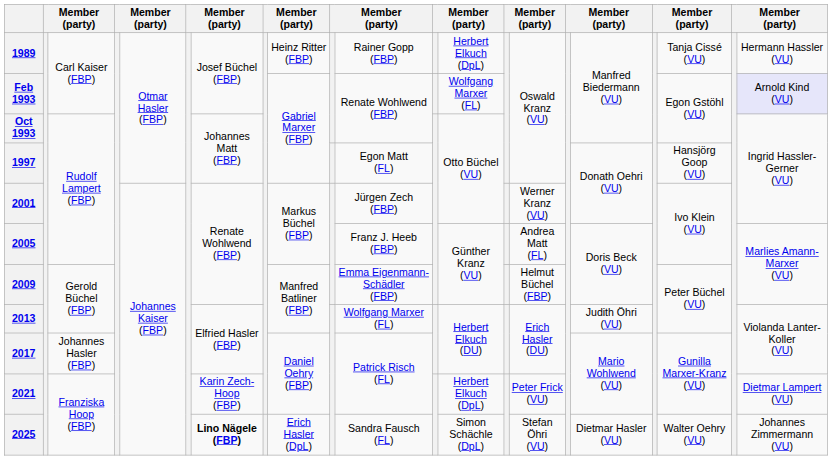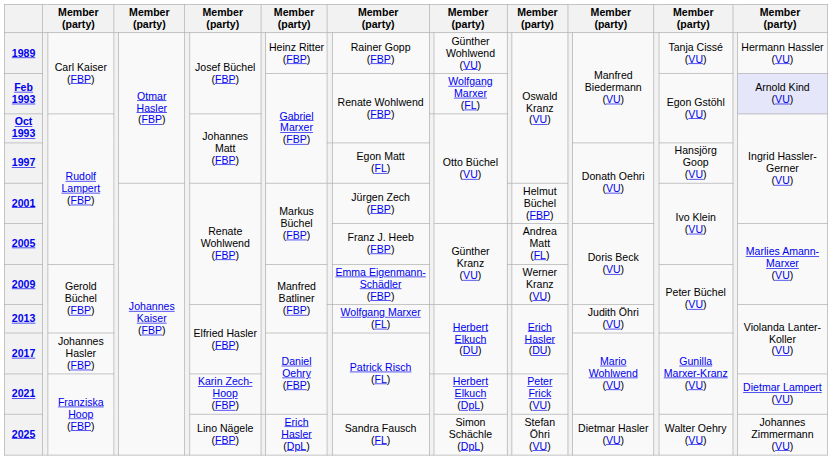 <table class="wikitable" style="text-align:center">
 <tr>
 <th></th>
 <th colspan=2>Member<br>(party)</th>
 <th colspan=2>Member<br>(party)</th>
 <th colspan=2>Member<br>(party)</th>
 <th colspan=2>Member<br>(party)</th>
 <th colspan=2>Member<br>(party)</th>
 <th colspan=2>Member<br>(party)</th>
 <th colspan=2>Member<br>(party)</th>
 <th colspan=2>Member<br>(party)</th>
 <th colspan=2>Member<br>(party)</th>
 <th colspan=2>Member<br>(party)</th>
 </tr>
 <tr>
 <th><a href='#'>1989</a></th>
 <th rowspan=11 style="background-color: "></th>
 <td rowspan=2>Carl Kaiser<br>(<a href='#'>FBP</a>)</td>
 <th rowspan=11 style="background-color: "></th>
 <td rowspan=4><a href='#'>Otmar Hasler</a><br>(<a href='#'>FBP</a>)</td>
 <th rowspan=11 style="background-color: "></th>
 <td rowspan=2>Josef Büchel<br>(<a href='#'>FBP</a>)</td>
 <th rowspan=10 style="background-color: "></th>
 <td rowspan=1>Heinz Ritter<br>(<a href='#'>FBP</a>)</td>
 <th rowspan=3 style="background-color: "></th>
 <td rowspan=1>Rainer Gopp<br>(<a href='#'>FBP</a>)</td>
 <th rowspan=1 style="background-color: "></th>
-<td rowspan=1><a href='#'>Herbert Elkuch</a><br>(<a href='#'>DpL</a>)</td>
+<td rowspan=1>Günther Wohlwend<br>(<a href='#'>VU</a>)</td>
 <th rowspan=4 style="background-color: "></th>
 <td rowspan=4>Oswald Kranz<br>(<a href='#'>VU</a>)</td>
 <th rowspan=11 style="background-color: "></th>
 <td rowspan=3>Manfred Biedermann<br>(<a href='#'>VU</a>)</td>
 <th rowspan=11 style="background-color: "></th>
 <td rowspan=1>Tanja Cissé<br>(<a href='#'>VU</a>)</td>
 <th rowspan=11 style="background-color: "></th>
 <td rowspan=1>Hermann Hassler<br>(<a href='#'>VU</a>)</td>
 </tr>
 <tr>
 <th><a href='#'>Feb 1993</a></th>
 <td rowspan=3><a href='#'>Gabriel Marxer</a><br>(<a href='#'>FBP</a>)</td>
 <td rowspan=2>Renate Wohlwend<br>(<a href='#'>FBP</a>)</td>
 <th rowspan=1 style="background-color: "></th>
 <td rowspan=1><a href='#'>Wolfgang Marxer</a><br>(<a href='#'>FL</a>)</td>
 <td rowspan=2>Egon Gstöhl<br>(<a href='#'>VU</a>)</td>
 <td rowspan=1 style="background: lavender;">Arnold Kind<br>(<a href='#'>VU</a>)</td>
 </tr>
 <tr>
 <th><a href='#'>Oct 1993</a></th>
 <td rowspan=4><a href='#'>Rudolf Lampert</a><br>(<a href='#'>FBP</a>)</td>
 <td rowspan=2>Johannes Matt<br>(<a href='#'>FBP</a>)</td>
 <th rowspan=5 style="background-color: "></th>
 <td rowspan=3>Otto Büchel<br>(<a href='#'>VU</a>)</td>
 <td rowspan=3>Ingrid Hassler-Gerner<br>(<a href='#'>VU</a>)</td>
 </tr>
 <tr>
 <th><a href='#'>1997</a></th>
 <th rowspan=1 style="background-color: "></th>
 <td rowspan=1>Egon Matt<br>(<a href='#'>FL</a>)</td>
 <td rowspan=2>Donath Oehri<br>(<a href='#'>VU</a>)</td>
 <td rowspan=1>Hansjörg Goop<br>(<a href='#'>VU</a>)</td>
 </tr>
 <tr>
 <th><a href='#'>2001</a></th>
 <td rowspan=7><a href='#'>Johannes Kaiser</a><br>(<a href='#'>FBP</a>)</td>
 <td rowspan=3>Renate Wohlwend<br>(<a href='#'>FBP</a>)</td>
 <td rowspan=2>Markus Büchel<br>(<a href='#'>FBP</a>)</td>
 <th rowspan=3 style="background-color: "></th>
 <td rowspan=1>Jürgen Zech<br>(<a href='#'>FBP</a>)</td>
 <th rowspan=1 style="background-color: "></th>
-<td rowspan=1>Werner Kranz<br>(<a href='#'>VU</a>)</td>
+<td rowspan=1>Helmut Büchel<br>(<a href='#'>FBP</a>)</td>
 <td rowspan=2>Ivo Klein<br>(<a href='#'>VU</a>)</td>
 </tr>
 <tr>
 <th><a href='#'>2005</a></th>
 <td rowspan=1>Franz J. Heeb<br>(<a href='#'>FBP</a>)</td>
 <td rowspan=2>Günther Kranz<br>(<a href='#'>VU</a>)</td>
 <th rowspan=1 style="background-color: "></th>
 <td rowspan=1>Andrea Matt<br>(<a href='#'>FL</a>)</td>
 <td rowspan=2>Doris Beck<br>(<a href='#'>VU</a>)</td>
 <td rowspan=2><a href='#'>Marlies Amann-Marxer</a><br>(<a href='#'>VU</a>)</td>
 </tr>
 <tr>
 <th><a href='#'>2009</a></th>
 <td rowspan=2>Gerold Büchel<br>(<a href='#'>FBP</a>)</td>
 <td rowspan=2>Manfred Batliner<br>(<a href='#'>FBP</a>)</td>
 <td rowspan=1><a href='#'>Emma Eigenmann-Schädler</a><br>(<a href='#'>FBP</a>)</td>
 <th rowspan=1 style="background-color: "></th>
-<td rowspan=1>Helmut Büchel<br>(<a href='#'>FBP</a>)</td>
+<td rowspan=1>Werner Kranz<br>(<a href='#'>VU</a>)</td>
 <td rowspan=2>Peter Büchel<br>(<a href='#'>VU</a>)</td>
 </tr>
 <tr>
 <th><a href='#'>2013</a></th>
 <td rowspan=2>Elfried Hasler<br>(<a href='#'>FBP</a>)</td>
 <th rowspan=4 style="background-color: "></th>
 <td rowspan=1><a href='#'>Wolfgang Marxer</a><br>(<a href='#'>FL</a>)</td>
 <th rowspan=2 style="background-color: "></th>
 <td rowspan=2><a href='#'>Herbert Elkuch</a><br>(<a href='#'>DU</a>)</td>
 <th rowspan=2 style="background-color: "></th>
 <td rowspan=2><a href='#'>Erich Hasler</a><br>(<a href='#'>DU</a>)</td>
 <td rowspan=1>Judith Öhri<br>(<a href='#'>VU</a>)</td>
 <td rowspan=2>Violanda Lanter-Koller<br>(<a href='#'>VU</a>)</td>
 </tr>
 <tr>
 <th><a href='#'>2017</a></th>
 <td rowspan=1>Johannes Hasler<br>(<a href='#'>FBP</a>)</td>
 <td rowspan=2><a href='#'>Daniel Oehry</a><br>(<a href='#'>FBP</a>)</td>
 <td rowspan=2><a href='#'>Patrick Risch</a><br>(<a href='#'>FL</a>)</td>
 <td rowspan=2><a href='#'>Mario Wohlwend</a><br>(<a href='#'>VU</a>)</td>
 <td rowspan=2><a href='#'>Gunilla Marxer-Kranz</a><br>(<a href='#'>VU</a>)</td>
 </tr>
 <tr>
 <th><a href='#'>2021</a></th>
 <td rowspan=2><a href='#'>Franziska Hoop</a><br>(<a href='#'>FBP</a>)</td>
 <td rowspan=1><a href='#'>Karin Zech-Hoop</a><br>(<a href='#'>FBP</a>)</td>
 <th rowspan=2 style="background-color: "></th>
 <td rowspan=1><a href='#'>Herbert Elkuch</a><br>(<a href='#'>DpL</a>)</td>
 <th rowspan=2 style="background-color: "></th>
 <td rowspan=1><a href='#'>Peter Frick</a><br>(<a href='#'>VU</a>)</td>
 <td rowspan=1><a href='#'>Dietmar Lampert</a><br>(<a href='#'>VU</a>)</td>
 </tr>
 <tr>
 <th><a href='#'>2025</a></th>
-<td rowspan=1><strong>Lino Nägele<br>(<a href='#'>FBP</a>)</strong></td>
+<td rowspan=1>Lino Nägele<br>(<a href='#'>FBP</a>)</td>
 <th rowspan=2 style="background-color: "></th>
 <td rowspan=1><a href='#'>Erich Hasler</a><br>(<a href='#'>DpL</a>)</td>
 <td rowspan=1>Sandra Fausch<br>(<a href='#'>FL</a>)</td>
 <td rowspan=1>Simon Schächle<br>(<a href='#'>DpL</a>)</td>
 <td rowspan=1>Stefan Öhri<br>(<a href='#'>VU</a>)</td>
 <td rowspan=1>Dietmar Hasler<br>(<a href='#'>VU</a>)</td>
 <td rowspan=1>Walter Oehry<br>(<a href='#'>VU</a>)</td>
 <td rowspan=1>Johannes Zimmermann<br>(<a href='#'>VU</a>)</td>
 </tr>
 </table>
